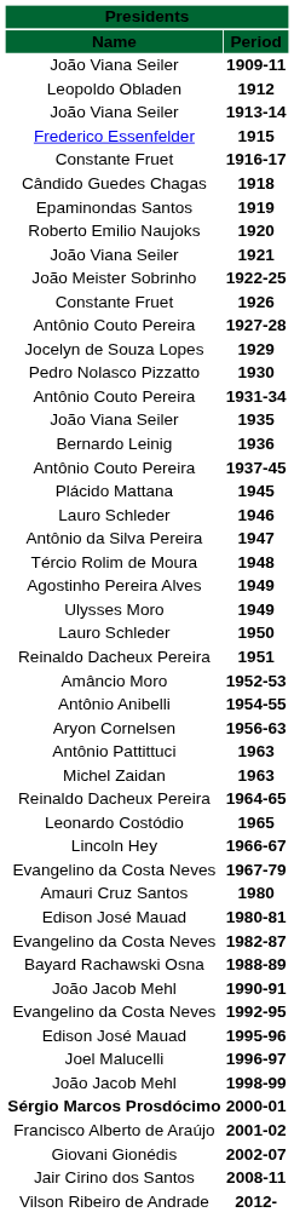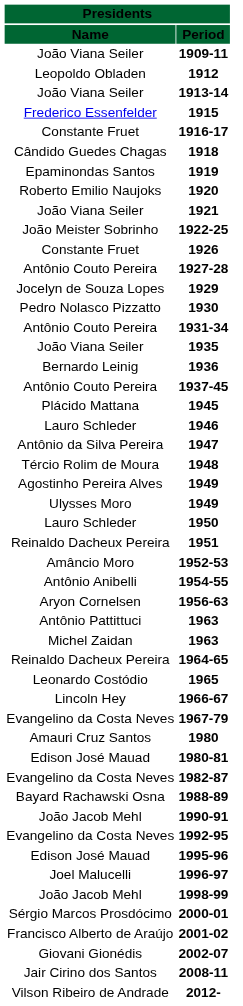 <table class="toccolours" border="0" cellpadding="2" cellspacing="1" align="left" style="margin:0.5em;">
 <tr ---- ALIGN="center" BGCOLOR="#006633">
 <td COLSPAN="14"><span><strong>Presidents</strong></span></td>
 </tr>
 <tr>
 </tr>
 <tr ---- ALIGN="center" BGCOLOR="#006633">
 <td><span><strong>Name</strong></span></td>
 <td><span><strong>Period</strong></span></td>
 </tr>
 <tr ---- ALIGN="center" BGCOLOR="#FFFFFF">
 <td>João Viana Seiler</td>
 <td><strong>1909-11</strong></td>
 </tr>
 <tr ---- ALIGN="center" BGCOLOR="#FFFFFF">
 <td>Leopoldo Obladen</td>
 <td><strong>1912</strong></td>
 </tr>
 <tr ---- ALIGN="center" BGCOLOR="#FFFFFF">
 <td>João Viana Seiler</td>
 <td><strong>1913-14</strong></td>
 </tr>
 <tr ---- ALIGN="center" BGCOLOR="#FFFFFF">
 <td><a href='#'>Frederico Essenfelder</a></td>
 <td><strong>1915</strong></td>
 </tr>
 <tr ---- ALIGN="center" BGCOLOR="#FFFFFF">
 <td>Constante Fruet</td>
 <td><strong>1916-17</strong></td>
 </tr>
 <tr ---- ALIGN="center" BGCOLOR="#FFFFFF">
 <td>Cândido Guedes Chagas</td>
 <td><strong>1918</strong></td>
 </tr>
 <tr ---- ALIGN="center" BGCOLOR="#FFFFFF">
 <td>Epaminondas Santos</td>
 <td><strong>1919</strong></td>
 </tr>
 <tr ---- ALIGN="center" BGCOLOR="#FFFFFF">
 <td>Roberto Emilio Naujoks</td>
 <td><strong>1920</strong></td>
 </tr>
 <tr ---- ALIGN="center" BGCOLOR="#FFFFFF">
 <td>João Viana Seiler</td>
 <td><strong>1921</strong></td>
 </tr>
 <tr ---- ALIGN="center" BGCOLOR="#FFFFFF">
 <td>João Meister Sobrinho</td>
 <td><strong>1922-25</strong></td>
 </tr>
 <tr ---- ALIGN="center" BGCOLOR="#FFFFFF">
 <td>Constante Fruet</td>
 <td><strong>1926</strong></td>
 </tr>
 <tr ---- ALIGN="center" BGCOLOR="#FFFFFF">
 <td>Antônio Couto Pereira</td>
 <td><strong>1927-28</strong></td>
 </tr>
 <tr ---- ALIGN="center" BGCOLOR="#FFFFFF">
 <td>Jocelyn de Souza Lopes</td>
 <td><strong>1929</strong></td>
 </tr>
 <tr ---- ALIGN="center" BGCOLOR="#FFFFFF">
 <td>Pedro Nolasco Pizzatto</td>
 <td><strong>1930</strong></td>
 </tr>
 <tr ---- ALIGN="center" BGCOLOR="#FFFFFF">
 <td>Antônio Couto Pereira</td>
 <td><strong>1931-34</strong></td>
 </tr>
 <tr ---- ALIGN="center" BGCOLOR="#FFFFFF">
 <td>João Viana Seiler</td>
 <td><strong>1935</strong></td>
 </tr>
 <tr ---- ALIGN="center" BGCOLOR="#FFFFFF">
 <td>Bernardo Leinig</td>
 <td><strong>1936</strong></td>
 </tr>
 <tr ---- ALIGN="center" BGCOLOR="#FFFFFF">
 <td>Antônio Couto Pereira</td>
 <td><strong>1937-45</strong></td>
 </tr>
 <tr ---- ALIGN="center" BGCOLOR="#FFFFFF">
 <td>Plácido Mattana</td>
 <td><strong>1945</strong></td>
 </tr>
 <tr ---- ALIGN="center" BGCOLOR="#FFFFFF">
 <td>Lauro Schleder</td>
 <td><strong>1946</strong></td>
 </tr>
 <tr ---- ALIGN="center" BGCOLOR="#FFFFFF">
 <td>Antônio da Silva Pereira</td>
 <td><strong>1947</strong></td>
 </tr>
 <tr ---- ALIGN="center" BGCOLOR="#FFFFFF">
 <td>Tércio Rolim de Moura</td>
 <td><strong>1948</strong></td>
 </tr>
 <tr ---- ALIGN="center" BGCOLOR="#FFFFFF">
 <td>Agostinho Pereira Alves</td>
 <td><strong>1949</strong></td>
 </tr>
 <tr ---- ALIGN="center" BGCOLOR="#FFFFFF">
 <td>Ulysses Moro</td>
 <td><strong>1949</strong></td>
 </tr>
 <tr ---- ALIGN="center" BGCOLOR="#FFFFFF">
 <td>Lauro Schleder</td>
 <td><strong>1950</strong></td>
 </tr>
 <tr ---- ALIGN="center" BGCOLOR="#FFFFFF">
 <td>Reinaldo Dacheux Pereira</td>
 <td><strong>1951</strong></td>
 </tr>
 <tr ---- ALIGN="center" BGCOLOR="#FFFFFF">
 <td>Amâncio Moro</td>
 <td><strong>1952-53</strong></td>
 </tr>
 <tr ---- ALIGN="center" BGCOLOR="#FFFFFF">
 <td>Antônio Anibelli</td>
 <td><strong>1954-55</strong></td>
 </tr>
 <tr ---- ALIGN="center" BGCOLOR="#FFFFFF">
 <td>Aryon Cornelsen</td>
 <td><strong>1956-63</strong></td>
 </tr>
 <tr ---- ALIGN="center" BGCOLOR="#FFFFFF">
 <td>Antônio Pattittuci</td>
 <td><strong>1963</strong></td>
 </tr>
 <tr ---- ALIGN="center" BGCOLOR="#FFFFFF">
 <td>Michel Zaidan</td>
 <td><strong>1963</strong></td>
 </tr>
 <tr ---- ALIGN="center" BGCOLOR="#FFFFFF">
 <td>Reinaldo Dacheux Pereira</td>
 <td><strong>1964-65</strong></td>
 </tr>
 <tr ---- ALIGN="center" BGCOLOR="#FFFFFF">
 <td>Leonardo Costódio</td>
 <td><strong>1965</strong></td>
 </tr>
 <tr ---- ALIGN="center" BGCOLOR="#FFFFFF">
 <td>Lincoln Hey</td>
 <td><strong>1966-67</strong></td>
 </tr>
 <tr ---- ALIGN="center" BGCOLOR="#FFFFFF">
 <td>Evangelino da Costa Neves</td>
 <td><strong>1967-79</strong></td>
 </tr>
 <tr ---- ALIGN="center" BGCOLOR="#FFFFFF">
 <td>Amauri Cruz Santos</td>
 <td><strong>1980</strong></td>
 </tr>
 <tr ---- ALIGN="center" BGCOLOR="#FFFFFF">
 <td>Edison José Mauad</td>
 <td><strong>1980-81</strong></td>
 </tr>
 <tr ---- ALIGN="center" BGCOLOR="#FFFFFF">
 <td>Evangelino da Costa Neves</td>
 <td><strong>1982-87</strong></td>
 </tr>
 <tr ---- ALIGN="center" BGCOLOR="#FFFFFF">
 <td>Bayard Rachawski Osna</td>
 <td><strong>1988-89</strong></td>
 </tr>
 <tr ---- ALIGN="center" BGCOLOR="#FFFFFF">
 <td>João Jacob Mehl</td>
 <td><strong>1990-91</strong></td>
 </tr>
 <tr ---- ALIGN="center" BGCOLOR="#FFFFFF">
 <td>Evangelino da Costa Neves</td>
 <td><strong>1992-95</strong></td>
 </tr>
 <tr ---- ALIGN="center" BGCOLOR="#FFFFFF">
 <td>Edison José Mauad</td>
 <td><strong>1995-96</strong></td>
 </tr>
 <tr ---- ALIGN="center" BGCOLOR="#FFFFFF">
 <td>Joel Malucelli</td>
 <td><strong>1996-97</strong></td>
 </tr>
 <tr ---- ALIGN="center" BGCOLOR="#FFFFFF">
 <td>João Jacob Mehl</td>
 <td><strong>1998-99</strong></td>
 </tr>
 <tr ---- ALIGN="center" BGCOLOR="#FFFFFF">
-<td><strong>Sérgio Marcos Prosdócimo</strong></td>
+<td>Sérgio Marcos Prosdócimo</td>
 <td><strong>2000-01</strong></td>
 </tr>
 <tr ---- ALIGN="center" BGCOLOR="#FFFFFF">
 <td>Francisco Alberto de Araújo</td>
 <td><strong>2001-02</strong></td>
 </tr>
 <tr ---- ALIGN="center" BGCOLOR="#FFFFFF">
 <td>Giovani Gionédis</td>
 <td><strong>2002-07</strong></td>
 </tr>
 <tr ---- ALIGN="center" BGCOLOR="#FFFFFF">
 <td>Jair Cirino dos Santos</td>
 <td><strong>2008-11</strong></td>
 </tr>
 <tr ---- ALIGN="center" BGCOLOR="#FFFFFF">
 <td>Vilson Ribeiro de Andrade</td>
 <td><strong>2012-</strong></td>
 </tr>
 </table>
